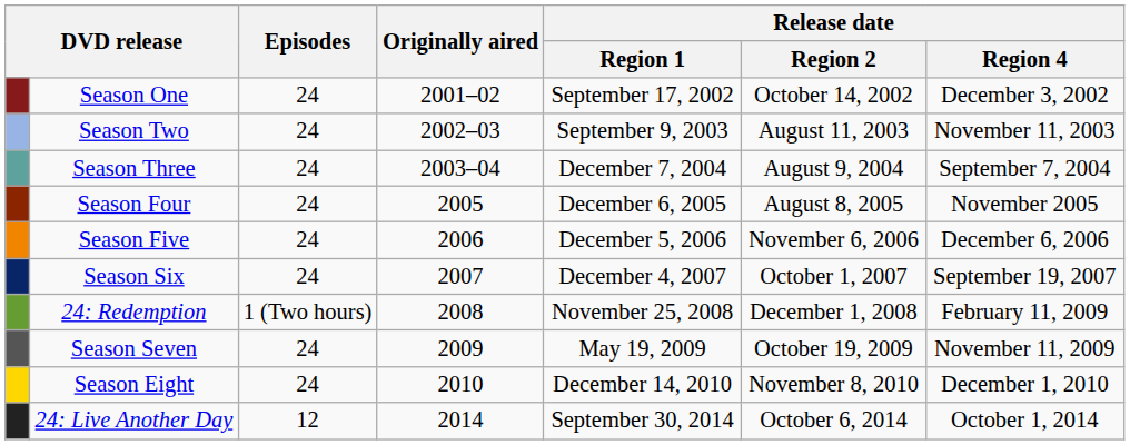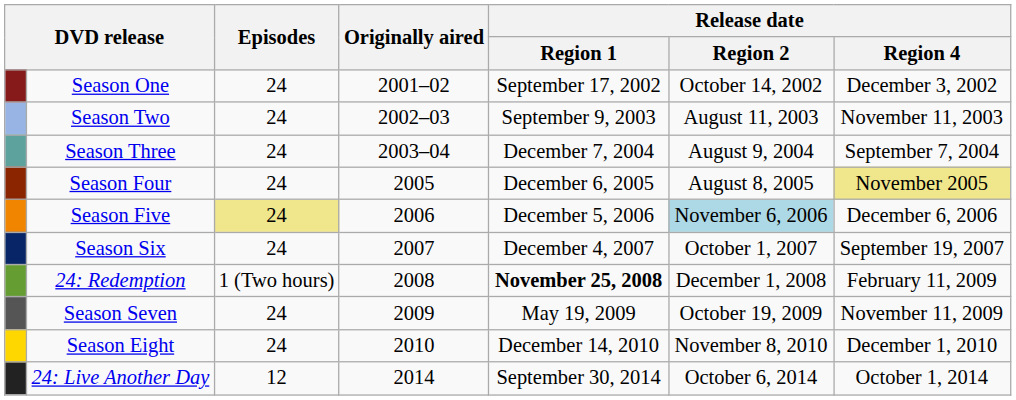 <table class="wikitable">
 <tr>
 <th colspan="2" rowspan="2">DVD release</th>
 <th rowspan="2">Episodes</th>
 <th rowspan="2">Originally aired</th>
 <th colspan="3" style="width:400px;">Release date</th>
 </tr>
 <tr>
 <th>Region 1</th>
 <th>Region 2</th>
 <th>Region 4</th>
 </tr>
 <tr>
 <td style="background:#861A1A; width:10px;"></td>
 <td style="text-align:center;"><a href='#'>Season One</a></td>
 <td style="text-align:center;">24</td>
 <td style="text-align:center;">2001–02</td>
 <td style="text-align:center;">September 17, 2002</td>
 <td style="text-align:center;">October 14, 2002</td>
 <td style="text-align:center;">December 3, 2002</td>
 </tr>
 <tr>
 <td style="background:#98B4E4; width:10px;"></td>
 <td style="text-align:center;"><a href='#'>Season Two</a></td>
 <td style="text-align:center;">24</td>
 <td style="text-align:center;">2002–03</td>
 <td style="text-align:center;">September 9, 2003</td>
 <td style="text-align:center;">August 11, 2003</td>
 <td style="text-align:center;">November 11, 2003</td>
 </tr>
 <tr>
 <td style="background:#5EA29D; width:10px;"></td>
 <td style="text-align:center;"><a href='#'>Season Three</a></td>
 <td style="text-align:center;">24</td>
 <td style="text-align:center;">2003–04</td>
 <td style="text-align:center;">December 7, 2004</td>
 <td style="text-align:center;">August 9, 2004</td>
 <td style="text-align:center;">September 7, 2004</td>
 </tr>
 <tr>
 <td style="background:#8b2500; width:10px;"></td>
 <td style="text-align:center;"><a href='#'>Season Four</a></td>
 <td style="text-align:center;">24</td>
 <td style="text-align:center;">2005</td>
 <td style="text-align:center;">December 6, 2005</td>
 <td style="text-align:center;">August 8, 2005</td>
-<td style="text-align:center;">November 2005</td>
+<td style="background: khaki; text-align:center;">November 2005</td>
 </tr>
 <tr>
 <td style="background:#f28500; width:10px;"></td>
 <td style="text-align:center;"><a href='#'>Season Five</a></td>
-<td style="text-align:center;">24</td>
+<td style="background: khaki; text-align:center;">24</td>
 <td style="text-align:center;">2006</td>
 <td style="text-align:center;">December 5, 2006</td>
-<td style="text-align:center;">November 6, 2006</td>
+<td style="background: lightblue; text-align:center;">November 6, 2006</td>
 <td style="text-align:center;">December 6, 2006</td>
 </tr>
 <tr>
 <td style="background:#082567; width:10px;"></td>
 <td style="text-align:center;"><a href='#'>Season Six</a></td>
 <td style="text-align:center;">24</td>
 <td style="text-align:center;">2007</td>
 <td style="text-align:center;">December 4, 2007</td>
 <td style="text-align:center;">October 1, 2007</td>
 <td style="text-align:center;">September 19, 2007</td>
 </tr>
 <tr>
 <td style="background:#659d32; width:10px;"></td>
 <td style="text-align:center;"><em><a href='#'>24: Redemption</a></em></td>
 <td style="text-align:center;">1 (Two hours)</td>
 <td style="text-align:center;">2008</td>
-<td style="text-align:center;">November 25, 2008</td>
+<td style="text-align:center;"><strong>November 25, 2008</strong></td>
 <td style="text-align:center;">December 1, 2008</td>
 <td style="text-align:center;">February 11, 2009</td>
 </tr>
 <tr>
 <td style="background:#555; width:10px;"></td>
 <td style="text-align:center;"><a href='#'>Season Seven</a></td>
 <td style="text-align:center;">24</td>
 <td style="text-align:center;">2009</td>
 <td style="text-align:center;">May 19, 2009</td>
 <td style="text-align:center;">October 19, 2009</td>
 <td style="text-align:center;">November 11, 2009</td>
 </tr>
 <tr>
 <td style="background:#FFD700; width:10px;"></td>
 <td style="text-align:center;"><a href='#'>Season Eight</a></td>
 <td style="text-align:center;">24</td>
 <td style="text-align:center;">2010</td>
 <td style="text-align:center;">December 14, 2010</td>
 <td style="text-align:center;">November 8, 2010</td>
 <td style="text-align:center;">December 1, 2010</td>
 </tr>
 <tr>
 <td style="background:#222; width:10px;"></td>
 <td style="text-align:center;"><em><a href='#'>24: Live Another Day</a></em></td>
 <td style="text-align:center;">12</td>
 <td style="text-align:center;">2014</td>
 <td style="text-align:center;">September 30, 2014</td>
 <td style="text-align:center;">October 6, 2014</td>
 <td style="text-align:center;">October 1, 2014</td>
 </tr>
 </table>
